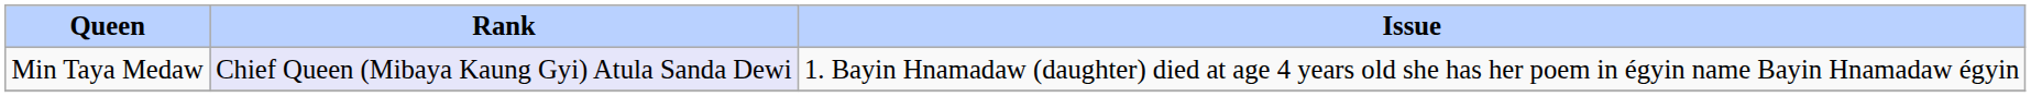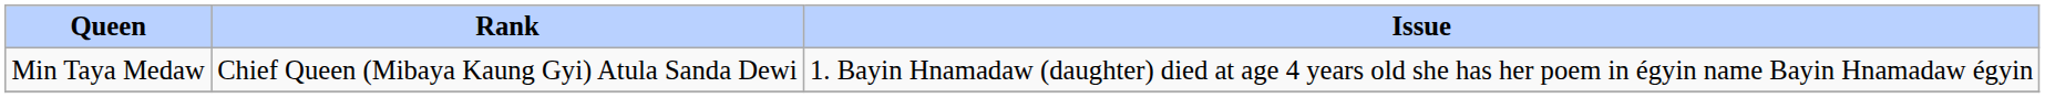 <table class="wikitable">
 <tr>
 <th style="background-color:#B9D1FF">Queen</th>
 <th style="background-color:#B9D1FF">Rank</th>
 <th style="background-color:#B9D1FF">Issue</th>
 </tr>
 <tr>
 <td>Min Taya Medaw</td>
-<td style="background: lavender;">Chief Queen (Mibaya Kaung Gyi) Atula Sanda Dewi</td>
+<td>Chief Queen (Mibaya Kaung Gyi) Atula Sanda Dewi</td>
 <td>1. Bayin Hnamadaw (daughter) died at age 4 years old she has her poem in égyin name Bayin Hnamadaw égyin</td>
 </tr>
 <tr>
 </tr>
 </table>
